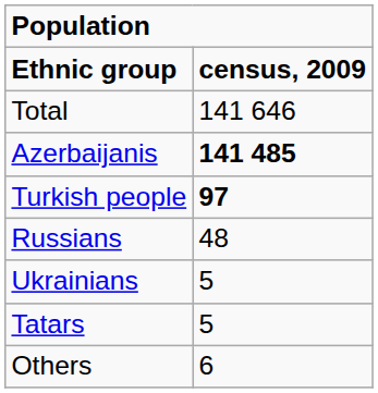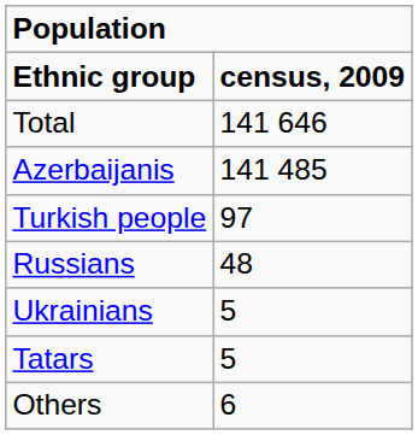 <table class="wikitable">
 <tr>
 <td colspan="2"><strong>Population</strong></td>
 </tr>
 <tr>
 <td><strong>Ethnic group</strong></td>
 <td><strong>census, 2009</strong></td>
 </tr>
 <tr>
 <td>Total</td>
 <td>141 646</td>
 </tr>
 <tr>
 <td><a href='#'>Azerbaijanis</a></td>
-<td><strong>141 485</strong></td>
+<td>141 485</td>
 </tr>
 <tr>
 <td><a href='#'>Turkish people</a></td>
-<td><strong>97</strong></td>
+<td>97</td>
 </tr>
 <tr>
 <td><a href='#'>Russians</a></td>
 <td>48</td>
 </tr>
 <tr>
 <td><a href='#'>Ukrainians</a></td>
 <td>5</td>
 </tr>
 <tr>
 <td><a href='#'>Tatars</a></td>
 <td>5</td>
 </tr>
 <tr>
 <td>Others</td>
 <td>6</td>
 </tr>
 </table>
